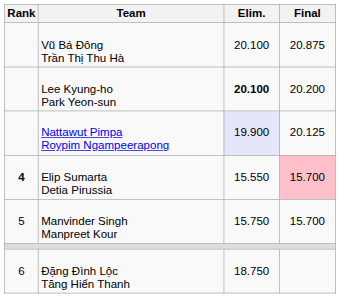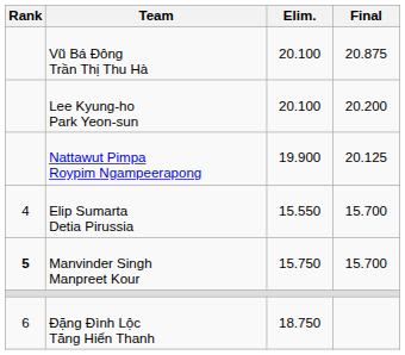 <table class=wikitable style="text-align:center">
 <tr>
 <th width=40>Rank</th>
 <th width=250>Team</th>
 <th width=70>Elim.</th>
 <th width=70>Final</th>
 </tr>
 <tr>
 <td></td>
 <td align=left><br>Vũ Bá Đông<br>Trần Thị Thu Hà</td>
 <td>20.100</td>
 <td>20.875</td>
 </tr>
 <tr>
 <td></td>
 <td align=left><br>Lee Kyung-ho<br>Park Yeon-sun</td>
-<td><strong>20.100</strong></td>
+<td>20.100</td>
 <td>20.200</td>
 </tr>
 <tr>
 <td></td>
 <td align=left><br><a href='#'>Nattawut Pimpa</a><br><a href='#'>Roypim Ngampeerapong</a></td>
-<td style="background: lavender;">19.900</td>
+<td>19.900</td>
 <td>20.125</td>
 </tr>
 <tr>
-<td><strong>4</strong></td>
+<td>4</td>
 <td align=left><br>Elip Sumarta<br>Detia Pirussia</td>
 <td>15.550</td>
-<td style="background: pink;">15.700</td>
+<td>15.700</td>
 </tr>
 <tr>
-<td>5</td>
+<td><strong>5</strong></td>
 <td align=left><br>Manvinder Singh<br>Manpreet Kour</td>
 <td>15.750</td>
 <td>15.700</td>
 </tr>
 <tr bgcolor=#DDDDDD>
 <td colspan=4></td>
 </tr>
 <tr>
 <td>6</td>
 <td align=left><br>Đặng Đình Lộc<br>Tăng Hiển Thanh</td>
 <td>18.750</td>
 <td></td>
 </tr>
 </table>
